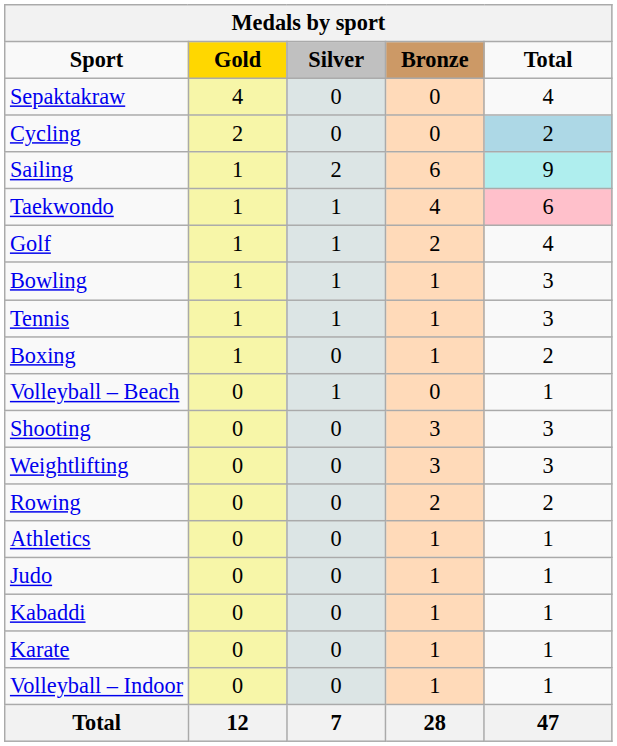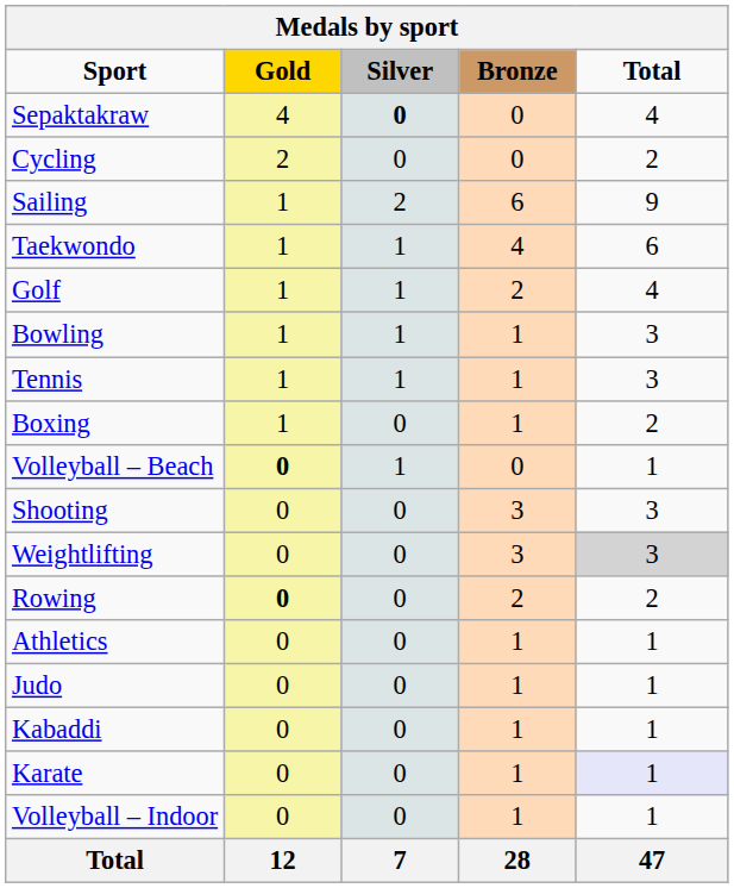 <table class="wikitable" style="font-size:95%; text-align:center;">
 <tr style="background:#efefef;">
 <th colspan=5>Medals by sport</th>
 </tr>
 <tr>
 <td><strong>Sport</strong></td>
 <td width=60 style="background:gold;"><strong>Gold </strong></td>
 <td width=60 style="background:silver;"><strong>Silver </strong></td>
 <td width=60 style="background:#c96;"><strong>Bronze </strong></td>
 <td width=80><strong>Total</strong></td>
 </tr>
 <tr>
 <td align=left> <a href='#'>Sepaktakraw</a></td>
 <td style="background:#F7F6A8;">4</td>
-<td style="background:#DCE5E5;">0</td>
+<td style="background:#DCE5E5;"><strong>0</strong></td>
 <td style="background:#FFDAB9;">0</td>
 <td>4</td>
 </tr>
 <tr>
 <td align=left> <a href='#'>Cycling</a></td>
 <td style="background:#F7F6A8;">2</td>
 <td style="background:#DCE5E5;">0</td>
 <td style="background:#FFDAB9;">0</td>
-<td style="background: lightblue;">2</td>
+<td>2</td>
 </tr>
 <tr>
 <td align=left> <a href='#'>Sailing</a></td>
 <td style="background:#F7F6A8;">1</td>
 <td style="background:#DCE5E5;">2</td>
 <td style="background:#FFDAB9;">6</td>
-<td style="background: paleturquoise;">9</td>
+<td>9</td>
 </tr>
 <tr>
 <td align=left> <a href='#'>Taekwondo</a></td>
 <td style="background:#F7F6A8;">1</td>
 <td style="background:#DCE5E5;">1</td>
 <td style="background:#FFDAB9;">4</td>
-<td style="background: pink;">6</td>
+<td>6</td>
 </tr>
 <tr>
 <td align=left> <a href='#'>Golf</a></td>
 <td style="background:#F7F6A8;">1</td>
 <td style="background:#DCE5E5;">1</td>
 <td style="background:#FFDAB9;">2</td>
 <td>4</td>
 </tr>
 <tr>
 <td align=left> <a href='#'>Bowling</a></td>
 <td style="background:#F7F6A8;">1</td>
 <td style="background:#DCE5E5;">1</td>
 <td style="background:#FFDAB9;">1</td>
 <td>3</td>
 </tr>
 <tr>
 <td align=left> <a href='#'>Tennis</a></td>
 <td style="background:#F7F6A8;">1</td>
 <td style="background:#DCE5E5;">1</td>
 <td style="background:#FFDAB9;">1</td>
 <td>3</td>
 </tr>
 <tr>
 <td align=left> <a href='#'>Boxing</a></td>
 <td style="background:#F7F6A8;">1</td>
 <td style="background:#DCE5E5;">0</td>
 <td style="background:#FFDAB9;">1</td>
 <td>2</td>
 </tr>
 <tr>
 <td align=left> <a href='#'>Volleyball – Beach</a></td>
-<td style="background:#F7F6A8;">0</td>
+<td style="background:#F7F6A8;"><strong>0</strong></td>
 <td style="background:#DCE5E5;">1</td>
 <td style="background:#FFDAB9;">0</td>
 <td>1</td>
 </tr>
 <tr>
 <td align=left> <a href='#'>Shooting</a></td>
 <td style="background:#F7F6A8;">0</td>
 <td style="background:#DCE5E5;">0</td>
 <td style="background:#FFDAB9;">3</td>
 <td>3</td>
 </tr>
 <tr>
 <td align=left> <a href='#'>Weightlifting</a></td>
 <td style="background:#F7F6A8;">0</td>
 <td style="background:#DCE5E5;">0</td>
 <td style="background:#FFDAB9;">3</td>
-<td>3</td>
+<td style="background: lightgrey;">3</td>
 </tr>
 <tr>
 <td align=left> <a href='#'>Rowing</a></td>
-<td style="background:#F7F6A8;">0</td>
+<td style="background:#F7F6A8;"><strong>0</strong></td>
 <td style="background:#DCE5E5;">0</td>
 <td style="background:#FFDAB9;">2</td>
 <td>2</td>
 </tr>
 <tr>
 <td align=left> <a href='#'>Athletics</a></td>
 <td style="background:#F7F6A8;">0</td>
 <td style="background:#DCE5E5;">0</td>
 <td style="background:#FFDAB9;">1</td>
 <td>1</td>
 </tr>
 <tr>
 <td align=left> <a href='#'>Judo</a></td>
 <td style="background:#F7F6A8;">0</td>
 <td style="background:#DCE5E5;">0</td>
 <td style="background:#FFDAB9;">1</td>
 <td>1</td>
 </tr>
 <tr>
 <td align=left> <a href='#'>Kabaddi</a></td>
 <td style="background:#F7F6A8;">0</td>
 <td style="background:#DCE5E5;">0</td>
 <td style="background:#FFDAB9;">1</td>
 <td>1</td>
 </tr>
 <tr>
 <td align=left> <a href='#'>Karate</a></td>
 <td style="background:#F7F6A8;">0</td>
 <td style="background:#DCE5E5;">0</td>
 <td style="background:#FFDAB9;">1</td>
-<td>1</td>
+<td style="background: lavender;">1</td>
 </tr>
 <tr>
 <td align=left> <a href='#'>Volleyball – Indoor</a></td>
 <td style="background:#F7F6A8;">0</td>
 <td style="background:#DCE5E5;">0</td>
 <td style="background:#FFDAB9;">1</td>
 <td>1</td>
 </tr>
 <tr>
 <th>Total</th>
 <th>12</th>
 <th>7</th>
 <th>28</th>
 <th>47</th>
 </tr>
 </table>
